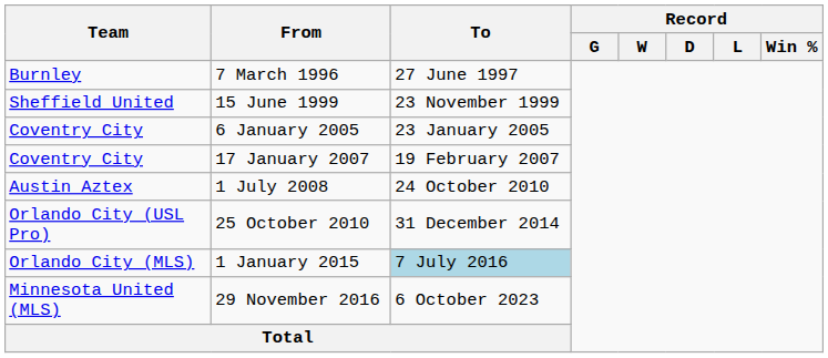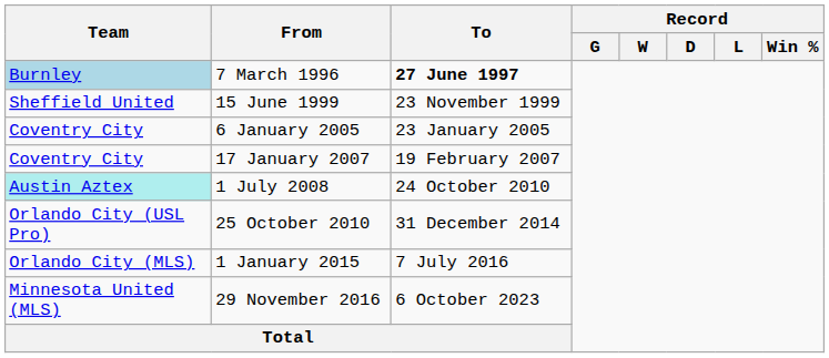 <table class="wikitable" style="text-align: center">
 <tr>
 <th rowspan=2 width=150>Team</th>
 <th rowspan=2 width=130>From</th>
 <th rowspan=2 width=130>To</th>
 <th colspan=5>Record</th>
 </tr>
 <tr>
 <th width=30>G</th>
 <th width=30>W</th>
 <th width=30>D</th>
 <th width=30>L</th>
 <th width=40>Win %</th>
 </tr>
 <tr>
-<td align=left><a href='#'>Burnley</a></td>
+<td align=left style="background: lightblue;"><a href='#'>Burnley</a></td>
 <td align=left>7 March 1996</td>
-<td align=left>27 June 1997<br></td>
+<td align=left><strong>27 June 1997<br></strong></td>
 </tr>
 <tr>
 <td align=left><a href='#'>Sheffield United</a></td>
 <td align=left>15 June 1999</td>
 <td align=left>23 November 1999<br></td>
 </tr>
 <tr>
 <td align=left><a href='#'>Coventry City</a></td>
 <td align=left>6 January 2005</td>
 <td align=left>23 January 2005<br></td>
 </tr>
 <tr>
 <td align=left><a href='#'>Coventry City</a></td>
 <td align=left>17 January 2007</td>
 <td align=left>19 February 2007<br></td>
 </tr>
 <tr>
-<td align=left><a href='#'>Austin Aztex</a></td>
+<td align=left style="background: paleturquoise;"><a href='#'>Austin Aztex</a></td>
 <td align=left>1 July 2008</td>
 <td align=left>24 October 2010<br></td>
 </tr>
 <tr>
 <td align=left><a href='#'>Orlando City (USL Pro)</a></td>
 <td align=left>25 October 2010</td>
 <td align=left>31 December 2014<br></td>
 </tr>
 <tr>
 <td align=left><a href='#'>Orlando City (MLS)</a></td>
 <td align=left>1 January 2015</td>
-<td align=left style="background: lightblue;">7 July 2016<br></td>
+<td align=left>7 July 2016<br></td>
 </tr>
 <tr>
 <td align=left><a href='#'>Minnesota United (MLS)</a></td>
 <td align=left>29 November 2016</td>
 <td align=left>6 October 2023<br></td>
 </tr>
 <tr>
 <th colspan="3">Total<br></th>
 </tr>
 </table>
